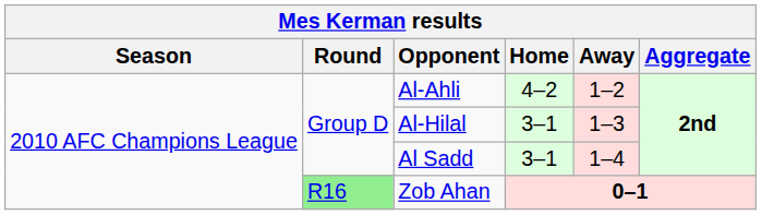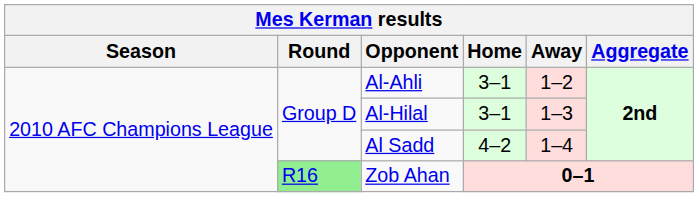 <table class="wikitable">
 <tr>
 <th colspan="6"><a href='#'>Mes Kerman</a> results</th>
 </tr>
 <tr>
 <th>Season</th>
 <th>Round</th>
 <th>Opponent</th>
 <th>Home</th>
 <th>Away</th>
 <th><a href='#'>Aggregate</a></th>
 </tr>
 <tr>
 <td rowspan="4"><a href='#'>2010 AFC Champions League</a></td>
 <td rowspan="3"><a href='#'>Group D</a></td>
 <td> <a href='#'>Al-Ahli</a></td>
-<td bgcolor="#ddffdd" style="text-align:center;">4–2</td>
+<td bgcolor="#ddffdd" style="text-align:center;">3–1</td>
 <td bgcolor="#ffdddd" style="text-align:center;">1–2</td>
 <td rowspan="3" bgcolor="#ddffdd" style="text-align:center;"><strong>2nd</strong></td>
 </tr>
 <tr>
 <td> <a href='#'>Al-Hilal</a></td>
 <td bgcolor="#ddffdd" style="text-align:center;">3–1</td>
 <td bgcolor="#ffdddd" style="text-align:center;">1–3</td>
 </tr>
 <tr>
 <td> <a href='#'>Al Sadd</a></td>
-<td bgcolor="#ddffdd" style="text-align:center;">3–1</td>
+<td bgcolor="#ddffdd" style="text-align:center;">4–2</td>
 <td bgcolor="#ffdddd" style="text-align:center;">1–4</td>
 </tr>
 <tr>
 <td style="background: lightgreen;"><a href='#'>R16</a></td>
 <td> <a href='#'>Zob Ahan</a></td>
 <td colspan="3" bgcolor="#ffdddd" style="text-align:center;"><strong>0–1</strong></td>
 </tr>
 </table>
